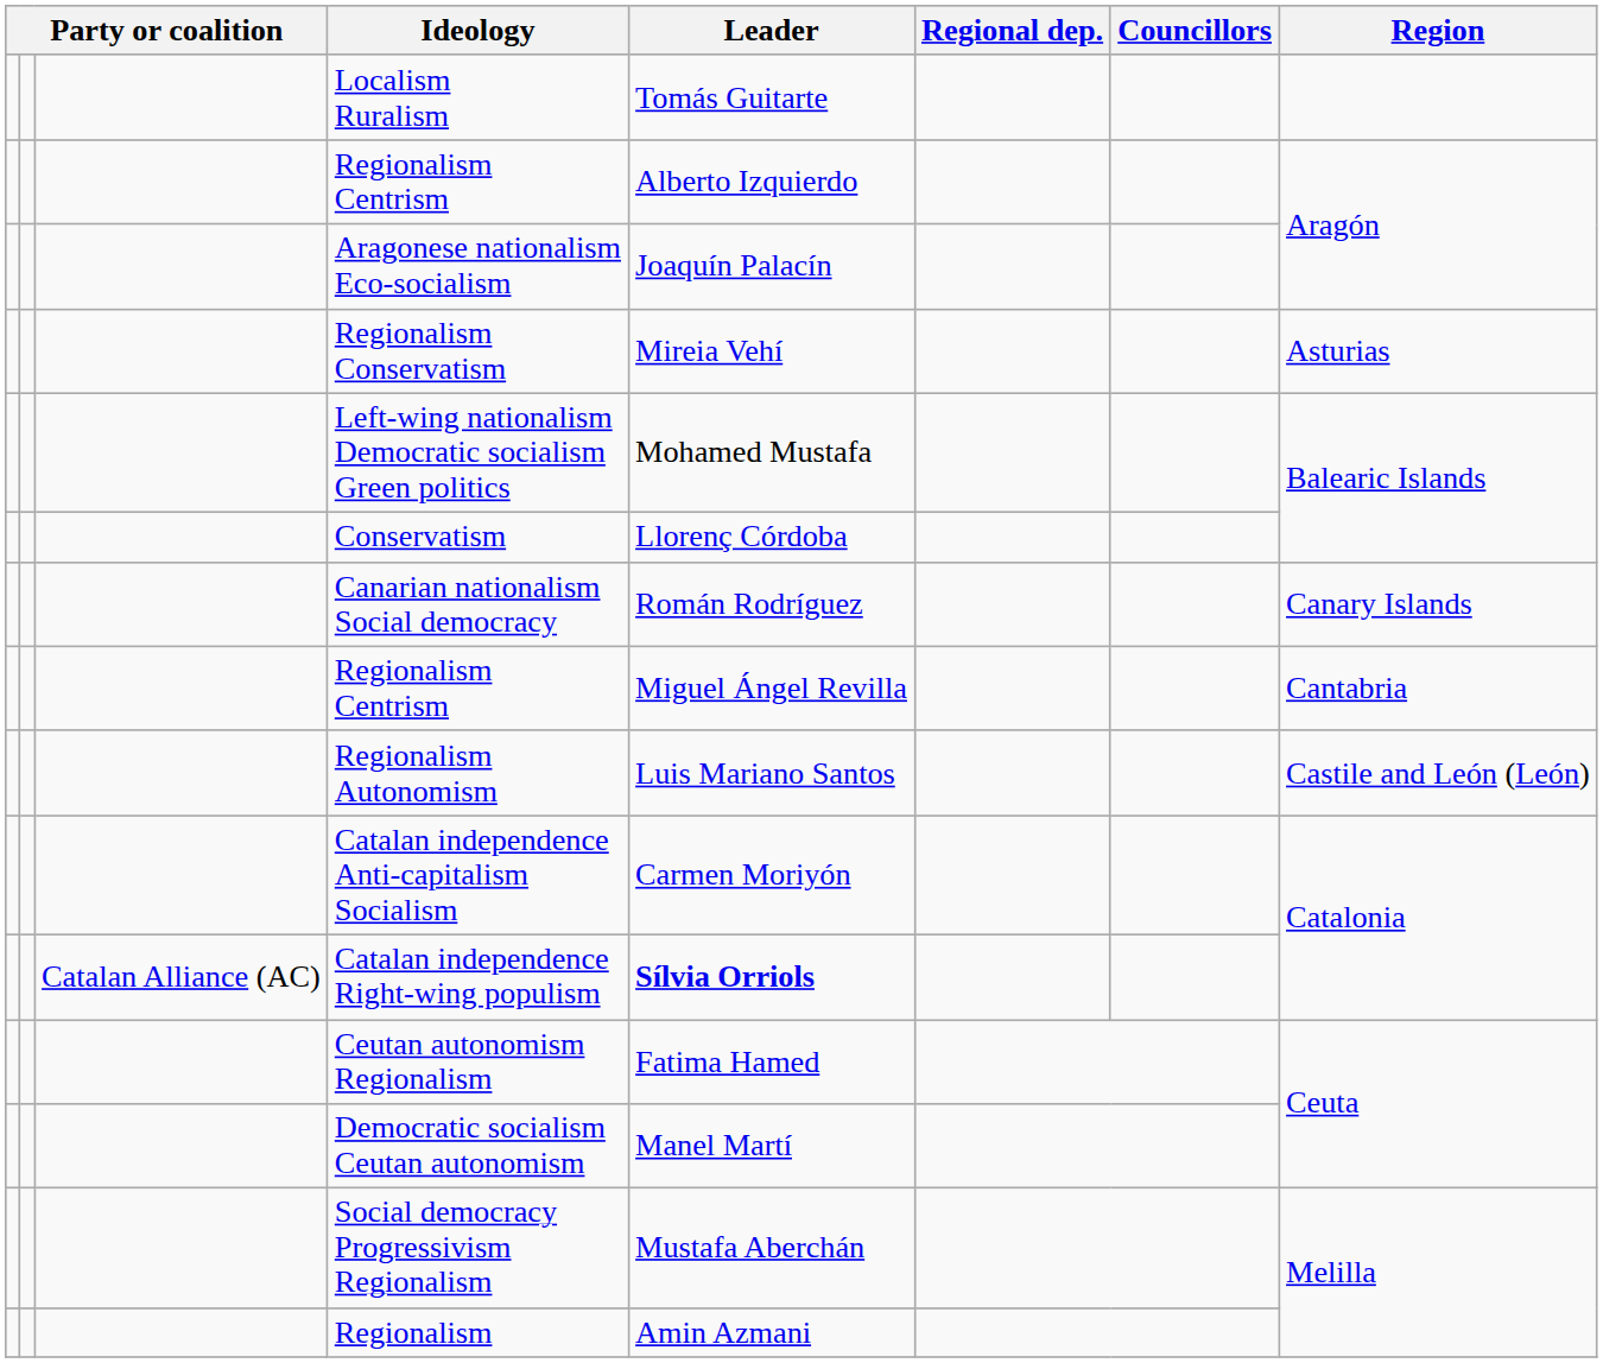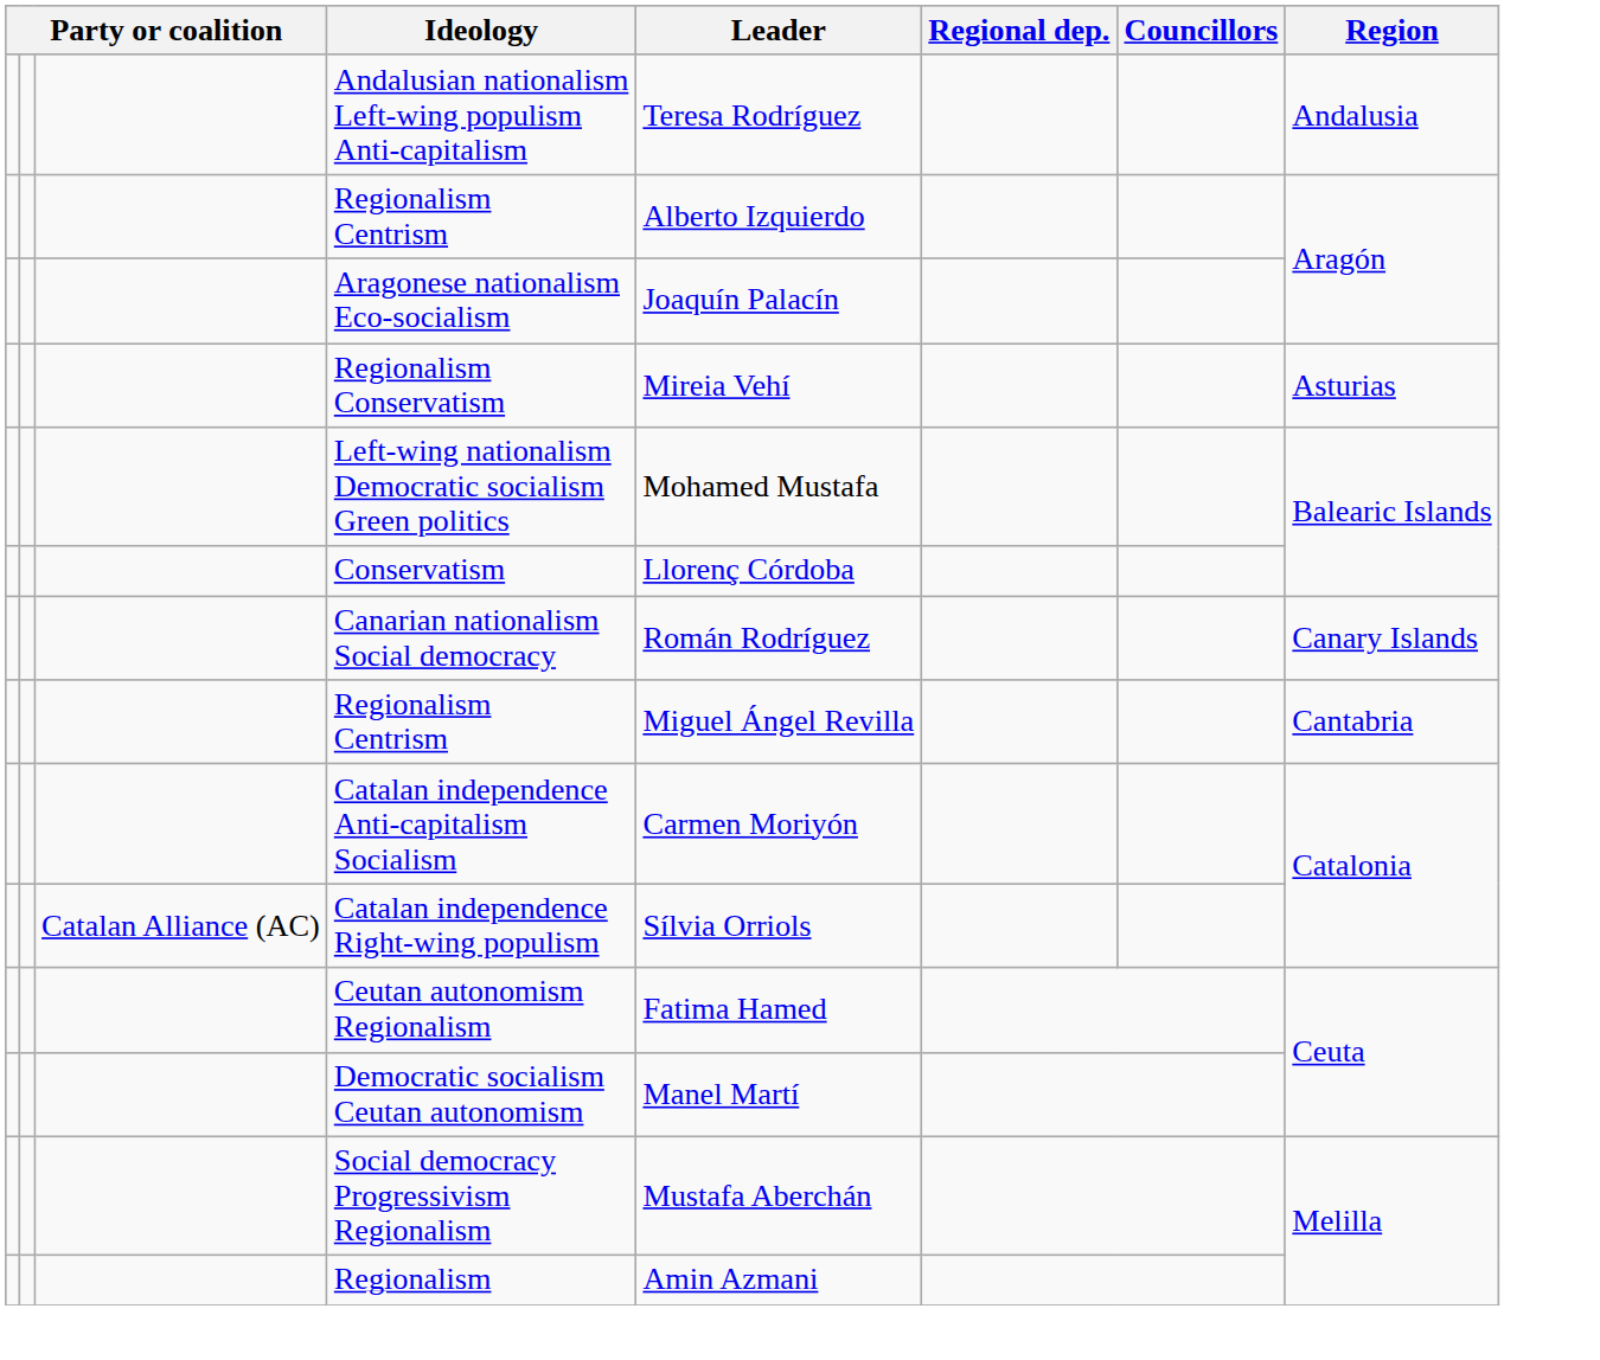 <table class="wikitable sortable" style="font-size:100%">
 <tr>
 <th colspan="3">Party or coalition</th>
 <th>Ideology</th>
 <th>Leader</th>
 <th><a href='#'>Regional dep.</a></th>
 <th><a href='#'>Councillors</a></th>
 <th><a href='#'>Region</a></th>
 </tr>
 <tr>
 <td></td>
 <td></td>
 <td></td>
-<td><a href='#'>Localism</a><br><a href='#'>Ruralism</a></td>
-<td><a href='#'>Tomás Guitarte</a></td>
+<td><a href='#'>Andalusian nationalism</a><br><a href='#'>Left-wing populism</a><br><a href='#'>Anti-capitalism</a></td>
+<td><a href='#'>Teresa Rodríguez</a></td>
 <td></td>
 <td></td>
-<td></td>
+<td><a href='#'>Andalusia</a></td>
 </tr>
 <tr>
 <td></td>
 <td></td>
 <td></td>
 <td><a href='#'>Regionalism</a><br><a href='#'>Centrism</a></td>
 <td><a href='#'>Alberto Izquierdo</a></td>
 <td></td>
 <td></td>
 <td rowspan="2"><a href='#'>Aragón</a></td>
 </tr>
 <tr>
 <td></td>
 <td></td>
 <td></td>
 <td><a href='#'>Aragonese nationalism</a><br><a href='#'>Eco-socialism</a></td>
 <td><a href='#'>Joaquín Palacín</a></td>
 <td></td>
 <td></td>
 </tr>
 <tr>
 <td></td>
 <td></td>
 <td></td>
 <td><a href='#'>Regionalism</a><br><a href='#'>Conservatism</a></td>
 <td><a href='#'>Mireia Vehí</a></td>
 <td></td>
 <td></td>
 <td><a href='#'>Asturias</a></td>
 </tr>
 <tr>
 <td></td>
 <td></td>
 <td></td>
 <td><a href='#'>Left-wing nationalism</a><br><a href='#'>Democratic socialism</a><br><a href='#'>Green politics</a></td>
 <td>Mohamed Mustafa</td>
 <td></td>
 <td></td>
 <td rowspan="2"><a href='#'>Balearic Islands</a></td>
 </tr>
 <tr>
 <td></td>
 <td></td>
 <td></td>
 <td><a href='#'>Conservatism</a></td>
 <td><a href='#'>Llorenç Córdoba</a></td>
 <td></td>
 <td></td>
 </tr>
 <tr>
 <td></td>
 <td></td>
 <td></td>
 <td><a href='#'>Canarian nationalism</a><br><a href='#'>Social democracy</a></td>
 <td><a href='#'>Román Rodríguez</a></td>
 <td></td>
 <td></td>
 <td><a href='#'>Canary Islands</a></td>
 </tr>
 <tr>
 <td></td>
 <td></td>
 <td></td>
 <td><a href='#'>Regionalism</a><br><a href='#'>Centrism</a></td>
 <td><a href='#'>Miguel Ángel Revilla</a></td>
 <td></td>
 <td></td>
 <td><a href='#'>Cantabria</a></td>
 </tr>
 <tr>
 <td></td>
 <td></td>
 <td></td>
-<td><a href='#'>Regionalism</a><br><a href='#'>Autonomism</a></td>
-<td><a href='#'>Luis Mariano Santos</a></td>
-<td></td>
-<td></td>
-<td><a href='#'>Castile and León</a> (<a href='#'>León</a>)</td>
-</tr>
-<tr>
-<td></td>
-<td></td>
-<td></td>
 <td><a href='#'>Catalan independence</a><br><a href='#'>Anti-capitalism</a><br><a href='#'>Socialism</a></td>
 <td><a href='#'>Carmen Moriyón</a></td>
 <td></td>
 <td></td>
 <td rowspan="2"><a href='#'>Catalonia</a></td>
 </tr>
 <tr>
 <td></td>
 <td></td>
 <td><a href='#'>Catalan Alliance</a> (AC)</td>
 <td><a href='#'>Catalan independence</a><br><a href='#'>Right-wing populism</a></td>
-<td><strong><a href='#'>Sílvia Orriols</a></strong></td>
+<td><a href='#'>Sílvia Orriols</a></td>
 <td></td>
 <td></td>
 </tr>
 <tr>
 <td></td>
 <td></td>
 <td></td>
 <td><a href='#'>Ceutan autonomism</a><br><a href='#'>Regionalism</a></td>
 <td><a href='#'>Fatima Hamed</a></td>
 <td colspan="2"></td>
 <td rowspan="2"><a href='#'>Ceuta</a></td>
 </tr>
 <tr>
 <td></td>
 <td></td>
 <td><br><small></small></td>
 <td><a href='#'>Democratic socialism</a><br><a href='#'>Ceutan autonomism</a></td>
 <td><a href='#'>Manel Martí</a></td>
 <td colspan="2"></td>
 </tr>
 <tr>
 <td></td>
 <td></td>
 <td></td>
 <td><a href='#'>Social democracy</a><br><a href='#'>Progressivism</a><br><a href='#'>Regionalism</a></td>
 <td><a href='#'>Mustafa Aberchán</a></td>
 <td colspan="2"></td>
 <td rowspan="2"><a href='#'>Melilla</a></td>
 </tr>
 <tr>
 <td></td>
 <td></td>
 <td></td>
 <td><a href='#'>Regionalism</a></td>
 <td><a href='#'>Amin Azmani</a></td>
 <td colspan="2"></td>
 </tr>
 </table>
